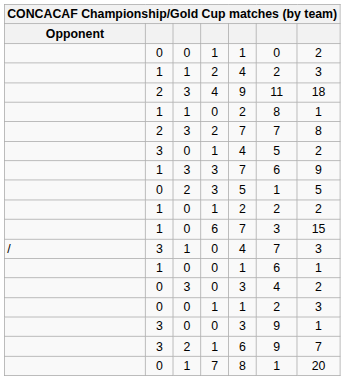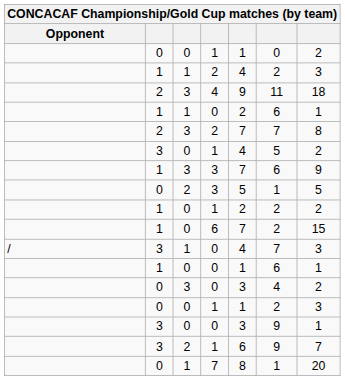 <table class="wikitable sortable" style="text-align: center;">
 <tr>
 <th colspan=7>CONCACAF Championship/Gold Cup matches (by team)</th>
 </tr>
 <tr>
 <th>Opponent</th>
 <th></th>
 <th></th>
 <th></th>
 <th></th>
 <th></th>
 <th></th>
 </tr>
 <tr>
 <td align="left"></td>
 <td>0</td>
 <td>0</td>
 <td>1</td>
 <td>1</td>
 <td>0</td>
 <td>2</td>
 </tr>
 <tr>
 <td align="left"></td>
 <td>1</td>
 <td>1</td>
 <td>2</td>
 <td>4</td>
 <td>2</td>
 <td>3</td>
 </tr>
 <tr>
 <td align="left"></td>
 <td>2</td>
 <td>3</td>
 <td>4</td>
 <td>9</td>
 <td>11</td>
 <td>18</td>
 </tr>
 <tr>
 <td align="left"></td>
 <td>1</td>
 <td>1</td>
 <td>0</td>
 <td>2</td>
-<td>8</td>
+<td>6</td>
 <td>1</td>
 </tr>
 <tr>
 <td align="left"></td>
 <td>2</td>
 <td>3</td>
 <td>2</td>
 <td>7</td>
 <td>7</td>
 <td>8</td>
 </tr>
 <tr>
 <td align="left"></td>
 <td>3</td>
 <td>0</td>
 <td>1</td>
 <td>4</td>
 <td>5</td>
 <td>2</td>
 </tr>
 <tr>
 <td align="left"></td>
 <td>1</td>
 <td>3</td>
 <td>3</td>
 <td>7</td>
 <td>6</td>
 <td>9</td>
 </tr>
 <tr>
 <td align="left"></td>
 <td>0</td>
 <td>2</td>
 <td>3</td>
 <td>5</td>
 <td>1</td>
 <td>5</td>
 </tr>
 <tr>
 <td align="left"></td>
 <td>1</td>
 <td>0</td>
 <td>1</td>
 <td>2</td>
 <td>2</td>
 <td>2</td>
 </tr>
 <tr>
 <td align="left"></td>
 <td>1</td>
 <td>0</td>
 <td>6</td>
 <td>7</td>
-<td>3</td>
+<td>2</td>
 <td>15</td>
 </tr>
 <tr>
 <td align="left"> / </td>
 <td>3</td>
 <td>1</td>
 <td>0</td>
 <td>4</td>
 <td>7</td>
 <td>3</td>
 </tr>
 <tr>
 <td align="left"></td>
 <td>1</td>
 <td>0</td>
 <td>0</td>
 <td>1</td>
 <td>6</td>
 <td>1</td>
 </tr>
 <tr>
 <td align="left"></td>
 <td>0</td>
 <td>3</td>
 <td>0</td>
 <td>3</td>
 <td>4</td>
 <td>2</td>
 </tr>
 <tr>
 <td align="left"></td>
 <td>0</td>
 <td>0</td>
 <td>1</td>
 <td>1</td>
 <td>2</td>
 <td>3</td>
 </tr>
 <tr>
 <td align="left"></td>
 <td>3</td>
 <td>0</td>
 <td>0</td>
 <td>3</td>
 <td>9</td>
 <td>1</td>
 </tr>
 <tr>
 <td align="left"></td>
 <td>3</td>
 <td>2</td>
 <td>1</td>
 <td>6</td>
 <td>9</td>
 <td>7</td>
 </tr>
 <tr>
 <td align="left"></td>
 <td>0</td>
 <td>1</td>
 <td>7</td>
 <td>8</td>
 <td>1</td>
 <td>20</td>
 </tr>
 </table>
